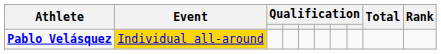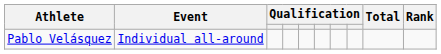 <table class="wikitable" style="font-size:90%">
 <tr>
 <th rowspan=2>Athlete</th>
 <th rowspan=2>Event</th>
 <th colspan=6>Qualification</th>
 <th rowspan=2>Total</th>
 <th rowspan=2>Rank</th>
 </tr>
 <tr style="font-size:95%">
 <th></th>
 <th></th>
 <th></th>
 <th></th>
 <th></th>
 <th></th>
 </tr>
 <tr align=center>
-<td align=left><strong><a href='#'>Pablo Velásquez</a></strong></td>
-<td align=left style="background: gold;"><a href='#'>Individual all-around</a></td>
+<td align=left><a href='#'>Pablo Velásquez</a></td>
+<td align=left><a href='#'>Individual all-around</a></td>
 <td></td>
 <td></td>
 <td></td>
 <td></td>
 <td></td>
 <td></td>
 <td></td>
 <td></td>
 </tr>
 </table>
